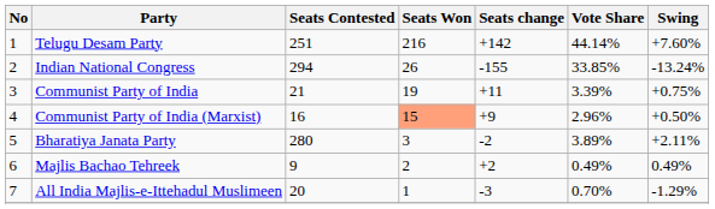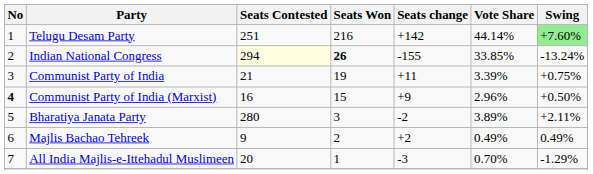 <table class="sortable wikitable">
 <tr>
 <th>No</th>
 <th>Party</th>
 <th>Seats Contested</th>
 <th>Seats Won</th>
 <th>Seats change</th>
 <th>Vote Share</th>
 <th>Swing</th>
 </tr>
 <tr>
 <td>1</td>
 <td><a href='#'>Telugu Desam Party</a></td>
 <td>251</td>
 <td>216</td>
 <td>+142</td>
 <td>44.14%</td>
-<td>+7.60%</td>
+<td style="background: lightgreen;">+7.60%</td>
 </tr>
 <tr>
 <td>2</td>
 <td><a href='#'>Indian National Congress</a></td>
-<td>294</td>
-<td>26</td>
+<td style="background: lightyellow;">294</td>
+<td><strong>26</strong></td>
 <td>-155</td>
 <td>33.85%</td>
 <td>-13.24%</td>
 </tr>
 <tr>
 <td>3</td>
 <td><a href='#'>Communist Party of India</a></td>
 <td>21</td>
 <td>19</td>
 <td>+11</td>
 <td>3.39%</td>
 <td>+0.75%</td>
 </tr>
 <tr>
-<td>4</td>
+<td><strong>4</strong></td>
 <td><a href='#'>Communist Party of India (Marxist)</a></td>
 <td>16</td>
-<td style="background: lightsalmon;">15</td>
+<td>15</td>
 <td>+9</td>
 <td>2.96%</td>
 <td>+0.50%</td>
 </tr>
 <tr>
 <td>5</td>
 <td><a href='#'>Bharatiya Janata Party</a></td>
 <td>280</td>
 <td>3</td>
 <td>-2</td>
 <td>3.89%</td>
 <td>+2.11%</td>
 </tr>
 <tr>
 <td>6</td>
 <td><a href='#'>Majlis Bachao Tehreek</a></td>
 <td>9</td>
 <td>2</td>
 <td>+2</td>
 <td>0.49%</td>
 <td>0.49%</td>
 </tr>
 <tr>
 <td>7</td>
 <td><a href='#'>All India Majlis-e-Ittehadul Muslimeen</a></td>
 <td>20</td>
 <td>1</td>
 <td>-3</td>
 <td>0.70%</td>
 <td>-1.29%</td>
 </tr>
 <tr>
 </tr>
 <tr 8 ||  others || 1953 || 12 || -3 || 8.66% || 2.08%>
 </tr>
 <tr>
 </tr>
 </table>
